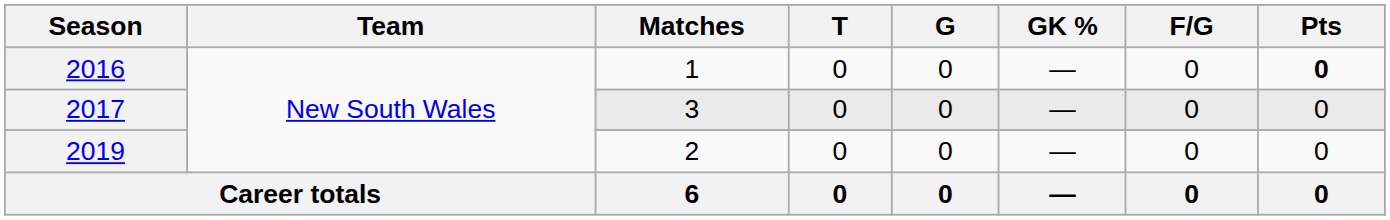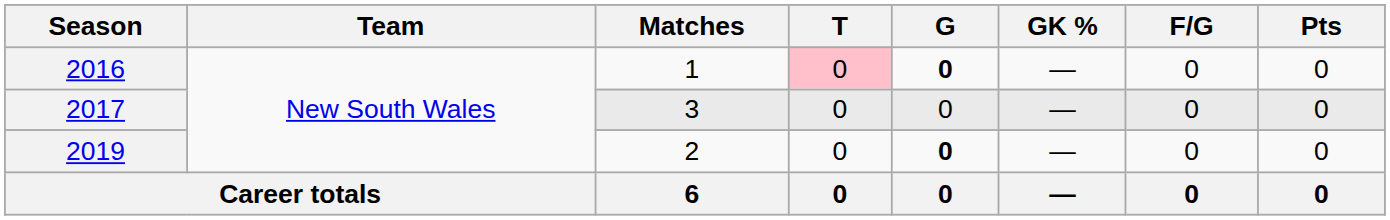 <table class="wikitable sortable"  style="font-size:90%; text-align:center; width:85%;">
 <tr>
 <th width=2%>Season</th>
 <th width=8%>Team</th>
 <th width=2%>Matches</th>
 <th width=2%>T</th>
 <th width=2%>G</th>
 <th width=2%>GK %</th>
 <th width=2%>F/G</th>
 <th width=2%>Pts</th>
 </tr>
 <tr>
 <th scope="row" style="text-align:center; font-weight:normal"><a href='#'>2016</a></th>
 <td rowspan="3" style="text-align:center;"> <a href='#'>New South Wales</a></td>
 <td>1</td>
+<td style="background: pink;">0</td>
+<td><strong>0</strong></td>
+<td>—</td>
 <td>0</td>
 <td>0</td>
-<td>—</td>
-<td>0</td>
-<td><strong>0</strong></td>
 </tr>
 <tr style="background:#eaeaea;">
 <th scope="row" style="text-align:center; font-weight:normal"><a href='#'>2017</a></th>
 <td>3</td>
 <td>0</td>
 <td>0</td>
 <td>—</td>
 <td>0</td>
 <td>0</td>
 </tr>
 <tr>
 <th scope="row" style="text-align:center; font-weight:normal"><a href='#'>2019</a></th>
 <td>2</td>
 <td>0</td>
-<td>0</td>
+<td><strong>0</strong></td>
 <td>—</td>
 <td>0</td>
 <td>0</td>
 </tr>
 <tr class="sortbottom">
 <th colspan=2>Career totals</th>
 <th>6</th>
 <th>0</th>
 <th>0</th>
 <th>—</th>
 <th>0</th>
 <th>0</th>
 </tr>
 </table>
